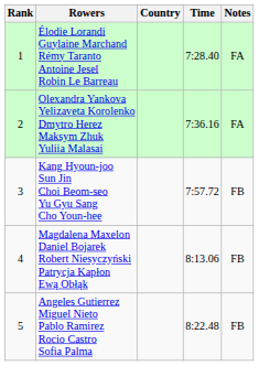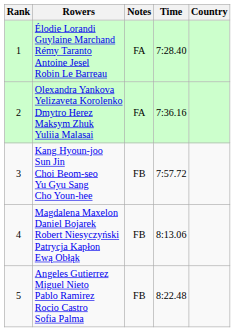 <table class="wikitable" style="text-align:center">
 <tr>
 <th>Rank</th>
 <th>Rowers</th>
+<th>Notes</th>
+<th>Time</th>
 <th>Country</th>
-<th>Time</th>
-<th>Notes</th>
 </tr>
 <tr bgcolor=ccffcc>
 <td>1</td>
 <td align="left"><a href='#'>Élodie Lorandi</a><br><a href='#'>Guylaine Marchand</a><br><a href='#'>Rémy Taranto</a><br><a href='#'>Antoine Jesel</a><br><a href='#'>Robin Le Barreau</a></td>
+<td>FA</td>
+<td>7:28.40</td>
 <td align="left"></td>
-<td>7:28.40</td>
-<td>FA</td>
 </tr>
 <tr bgcolor=ccffcc>
 <td>2</td>
 <td align="left"><a href='#'>Olexandra Yankova</a><br><a href='#'>Yelizaveta Korolenko</a><br><a href='#'>Dmytro Herez</a><br><a href='#'>Maksym Zhuk</a><br><a href='#'>Yuliia Malasai</a></td>
+<td>FA</td>
+<td>7:36.16</td>
 <td align="left"></td>
-<td>7:36.16</td>
-<td>FA</td>
 </tr>
 <tr>
 <td>3</td>
 <td align="left"><a href='#'>Kang Hyoun-joo</a><br><a href='#'>Sun Jin</a><br><a href='#'>Choi Beom-seo</a><br><a href='#'>Yu Gyu Sang</a><br><a href='#'>Cho Youn-hee</a></td>
+<td>FB</td>
+<td>7:57.72</td>
 <td align="left"></td>
-<td>7:57.72</td>
-<td>FB</td>
 </tr>
 <tr>
 <td>4</td>
 <td align="left"><a href='#'>Magdalena Maxelon</a><br><a href='#'>Daniel Bojarek</a><br><a href='#'>Robert Niesyczyński</a><br><a href='#'>Patrycja Kapłon</a><br><a href='#'>Ewą Obłąk</a></td>
+<td>FB</td>
+<td>8:13.06</td>
 <td align="left"></td>
-<td>8:13.06</td>
-<td>FB</td>
 </tr>
 <tr>
 <td>5</td>
 <td align="left"><a href='#'>Angeles Gutierrez</a><br><a href='#'>Miguel Nieto</a><br><a href='#'>Pablo Ramirez</a><br><a href='#'>Rocio Castro</a><br><a href='#'>Sofia Palma</a></td>
+<td>FB</td>
+<td>8:22.48</td>
 <td align="left"></td>
-<td>8:22.48</td>
-<td>FB</td>
 </tr>
 </table>
